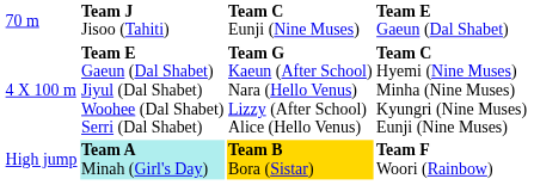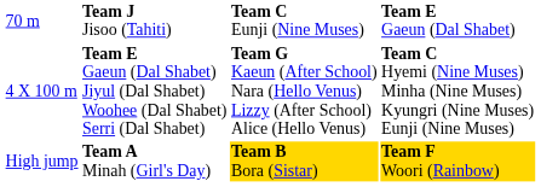 <table>
 <tr>
 <td><a href='#'>70 m</a></td>
 <td><strong>Team J</strong><br>Jisoo (<a href='#'>Tahiti</a>)</td>
 <td><strong>Team C</strong><br>Eunji (<a href='#'>Nine Muses</a>)</td>
 <td><strong>Team E</strong><br><a href='#'>Gaeun</a>  (<a href='#'>Dal Shabet</a>)</td>
 </tr>
 <tr>
 <td><a href='#'>4 X 100 m</a></td>
 <td><strong>Team E</strong><br><a href='#'>Gaeun</a> (<a href='#'>Dal Shabet</a>)<br><a href='#'>Jiyul</a> (Dal Shabet)<br><a href='#'>Woohee</a> (Dal Shabet)<br><a href='#'>Serri</a> (Dal Shabet)</td>
 <td><strong>Team G</strong><br><a href='#'>Kaeun</a> (<a href='#'>After School</a>)<br>Nara (<a href='#'>Hello Venus</a>)<br><a href='#'>Lizzy</a> (After School)<br>Alice (Hello Venus)</td>
 <td><strong>Team C</strong><br>Hyemi (<a href='#'>Nine Muses</a>)<br>Minha (Nine Muses)<br>Kyungri (Nine Muses)<br>Eunji (Nine Muses)</td>
 </tr>
 <tr>
 <td><a href='#'>High jump</a></td>
-<td style="background: paleturquoise;"><strong>Team A</strong><br>Minah (<a href='#'>Girl's Day</a>)</td>
+<td><strong>Team A</strong><br>Minah (<a href='#'>Girl's Day</a>)</td>
 <td style="background: gold;"><strong>Team B</strong><br>Bora (<a href='#'>Sistar</a>)</td>
-<td><strong>Team F</strong><br>Woori (<a href='#'>Rainbow</a>)</td>
+<td style="background: gold;"><strong>Team F</strong><br>Woori (<a href='#'>Rainbow</a>)</td>
 </tr>
 </table>
